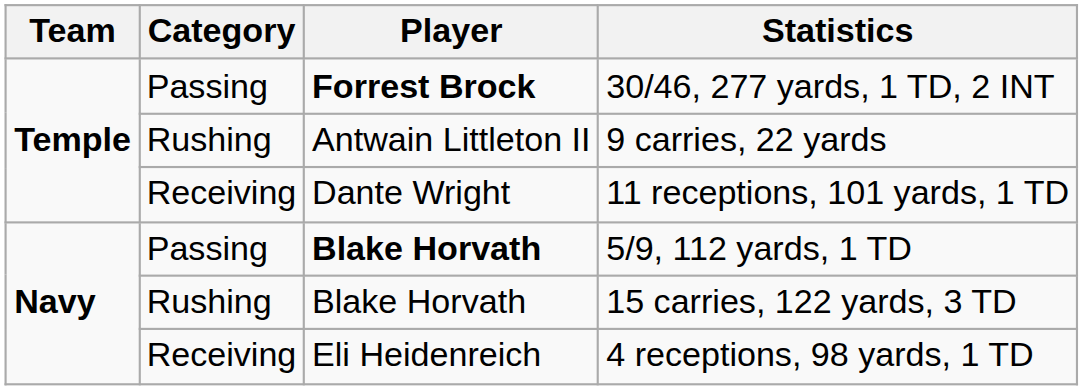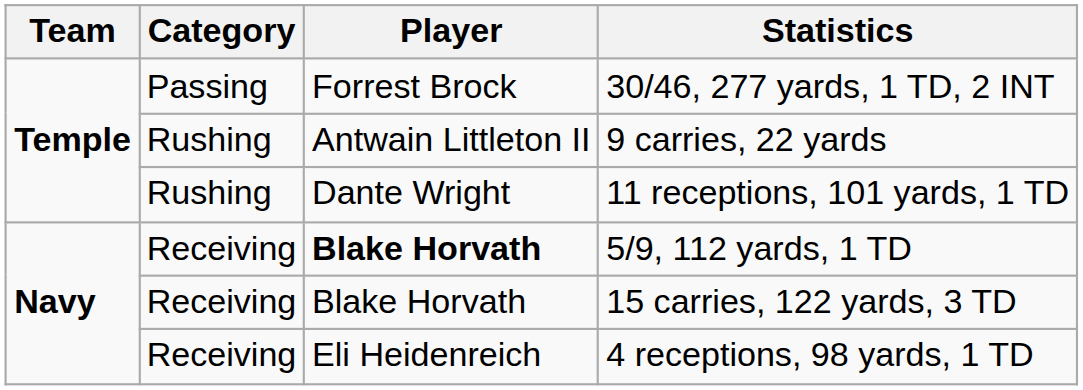 <table class="wikitable" style="float: right;">
 <tr>
 <th>Team</th>
 <th>Category</th>
 <th>Player</th>
 <th>Statistics</th>
 </tr>
 <tr>
 <td rowspan=3><strong>Temple</strong></td>
 <td>Passing</td>
-<td><strong>Forrest Brock</strong></td>
+<td>Forrest Brock</td>
 <td>30/46, 277 yards, 1 TD, 2 INT</td>
 </tr>
 <tr>
 <td>Rushing</td>
 <td>Antwain Littleton II</td>
 <td>9 carries, 22 yards</td>
 </tr>
 <tr>
-<td>Receiving</td>
+<td>Rushing</td>
 <td>Dante Wright</td>
 <td>11 receptions, 101 yards, 1 TD</td>
 </tr>
 <tr>
 <td rowspan=3><strong>Navy</strong></td>
-<td>Passing</td>
+<td>Receiving</td>
 <td><strong>Blake Horvath</strong></td>
 <td>5/9, 112 yards, 1 TD</td>
 </tr>
 <tr>
-<td>Rushing</td>
+<td>Receiving</td>
 <td>Blake Horvath</td>
 <td>15 carries, 122 yards, 3 TD</td>
 </tr>
 <tr>
 <td>Receiving</td>
 <td>Eli Heidenreich</td>
 <td>4 receptions, 98 yards, 1 TD</td>
 </tr>
 </table>
